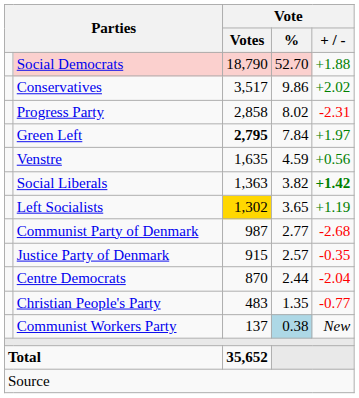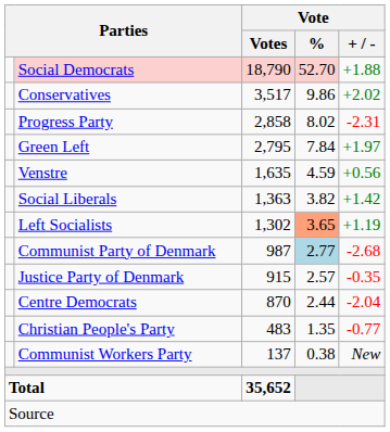 <table class="wikitable" style="text-align:right;">
 <tr>
 <th style="text-align:centre;" rowspan="2" colspan="2" width="225">Parties</th>
 <th colspan="3">Vote</th>
 </tr>
 <tr>
 <th width="15">Votes</th>
 <th width="15">%</th>
 <th width="15">+ / -</th>
 </tr>
 <tr>
 <td width="2" style="color:inherit;background:"></td>
 <td bgcolor=#fbd0ce  align="left"><a href='#'>Social Democrats</a></td>
 <td bgcolor=#fbd0ce>18,790</td>
 <td bgcolor=#fbd0ce>52.70</td>
 <td style=color:green;>+1.88</td>
 </tr>
 <tr>
 <td width="2" style="color:inherit;background:"></td>
 <td align="left"><a href='#'>Conservatives</a></td>
 <td>3,517</td>
 <td>9.86</td>
 <td style=color:green;>+2.02</td>
 </tr>
 <tr>
 <td width="2" style="color:inherit;background:"></td>
 <td align="left"><a href='#'>Progress Party</a></td>
 <td>2,858</td>
 <td>8.02</td>
 <td style=color:red;>-2.31</td>
 </tr>
 <tr>
 <td width="2" style="color:inherit;background:"></td>
 <td align="left"><a href='#'>Green Left</a></td>
-<td><strong>2,795</strong></td>
+<td>2,795</td>
 <td>7.84</td>
 <td style=color:green;>+1.97</td>
 </tr>
 <tr>
 <td width="2" style="color:inherit;background:"></td>
 <td align="left"><a href='#'>Venstre</a></td>
 <td>1,635</td>
 <td>4.59</td>
 <td style=color:green;>+0.56</td>
 </tr>
 <tr>
 <td width="2" style="color:inherit;background:"></td>
 <td align="left"><a href='#'>Social Liberals</a></td>
 <td>1,363</td>
 <td>3.82</td>
-<td style=color:green;><strong>+1.42</strong></td>
+<td style=color:green;>+1.42</td>
 </tr>
 <tr>
 <td width="2" style="color:inherit;background:"></td>
 <td align="left"><a href='#'>Left Socialists</a></td>
-<td style="background: gold;">1,302</td>
-<td>3.65</td>
+<td>1,302</td>
+<td style="background: lightsalmon;">3.65</td>
 <td style=color:green;>+1.19</td>
 </tr>
 <tr>
 <td width="2" style="color:inherit;background:"></td>
 <td align="left"><a href='#'>Communist Party of Denmark</a></td>
 <td>987</td>
-<td>2.77</td>
+<td style="background: lightblue;">2.77</td>
 <td style=color:red;>-2.68</td>
 </tr>
 <tr>
 <td width="2" style="color:inherit;background:"></td>
 <td align="left"><a href='#'>Justice Party of Denmark</a></td>
 <td>915</td>
 <td>2.57</td>
 <td style=color:red;>-0.35</td>
 </tr>
 <tr>
 <td width="2" style="color:inherit;background:"></td>
 <td align="left"><a href='#'>Centre Democrats</a></td>
 <td>870</td>
 <td>2.44</td>
 <td style=color:red;>-2.04</td>
 </tr>
 <tr>
 <td width="2" style="color:inherit;background:"></td>
 <td align="left"><a href='#'>Christian People's Party</a></td>
 <td>483</td>
 <td>1.35</td>
 <td style=color:red;>-0.77</td>
 </tr>
 <tr>
 <td width="2" style="color:inherit;background:"></td>
 <td align="left"><a href='#'>Communist Workers Party</a></td>
 <td>137</td>
-<td style="background: lightblue;">0.38</td>
+<td>0.38</td>
 <td><em>New</em></td>
 </tr>
 <tr>
 <td colspan="7" bgcolor="#E9E9E9"></td>
 </tr>
 <tr>
 <td align="left" colspan="2"><strong>Total</strong></td>
 <td><strong>35,652</strong></td>
 <td bgcolor="#E9E9E9" colspan="2"></td>
 </tr>
 <tr>
 <td align="left" colspan="6">Source</td>
 </tr>
 </table>
